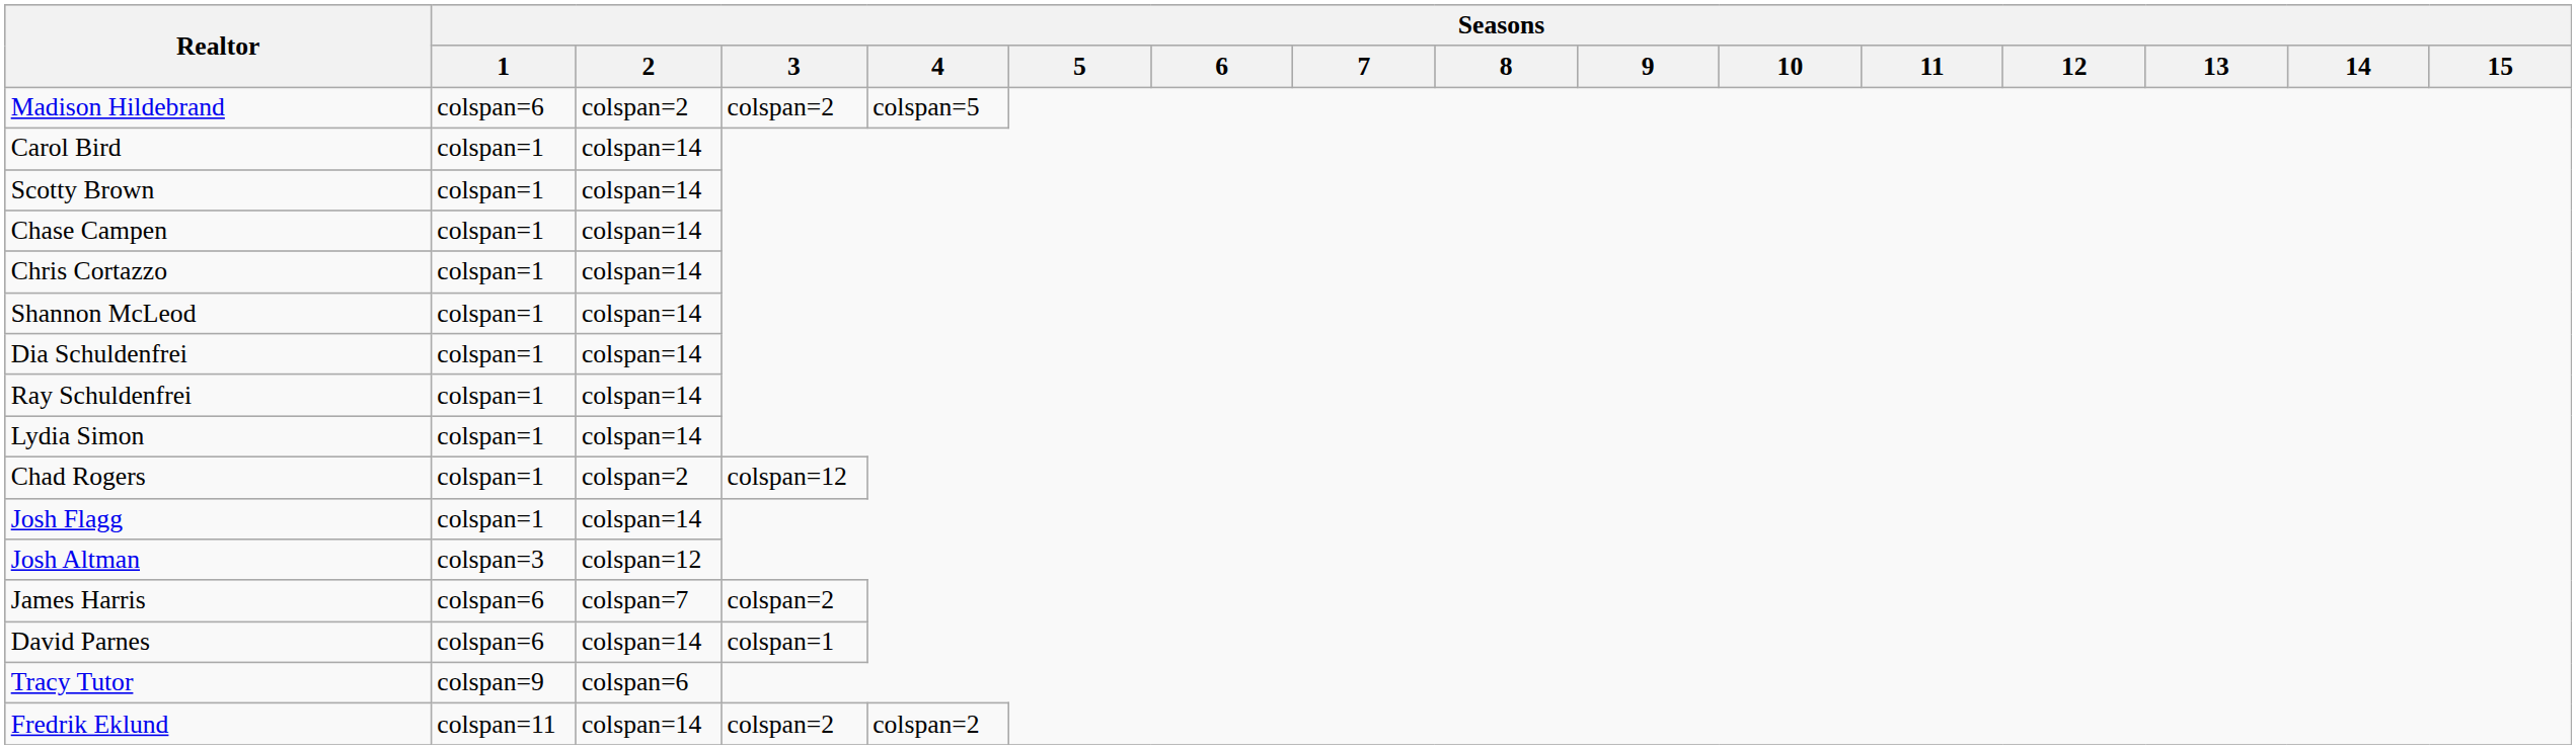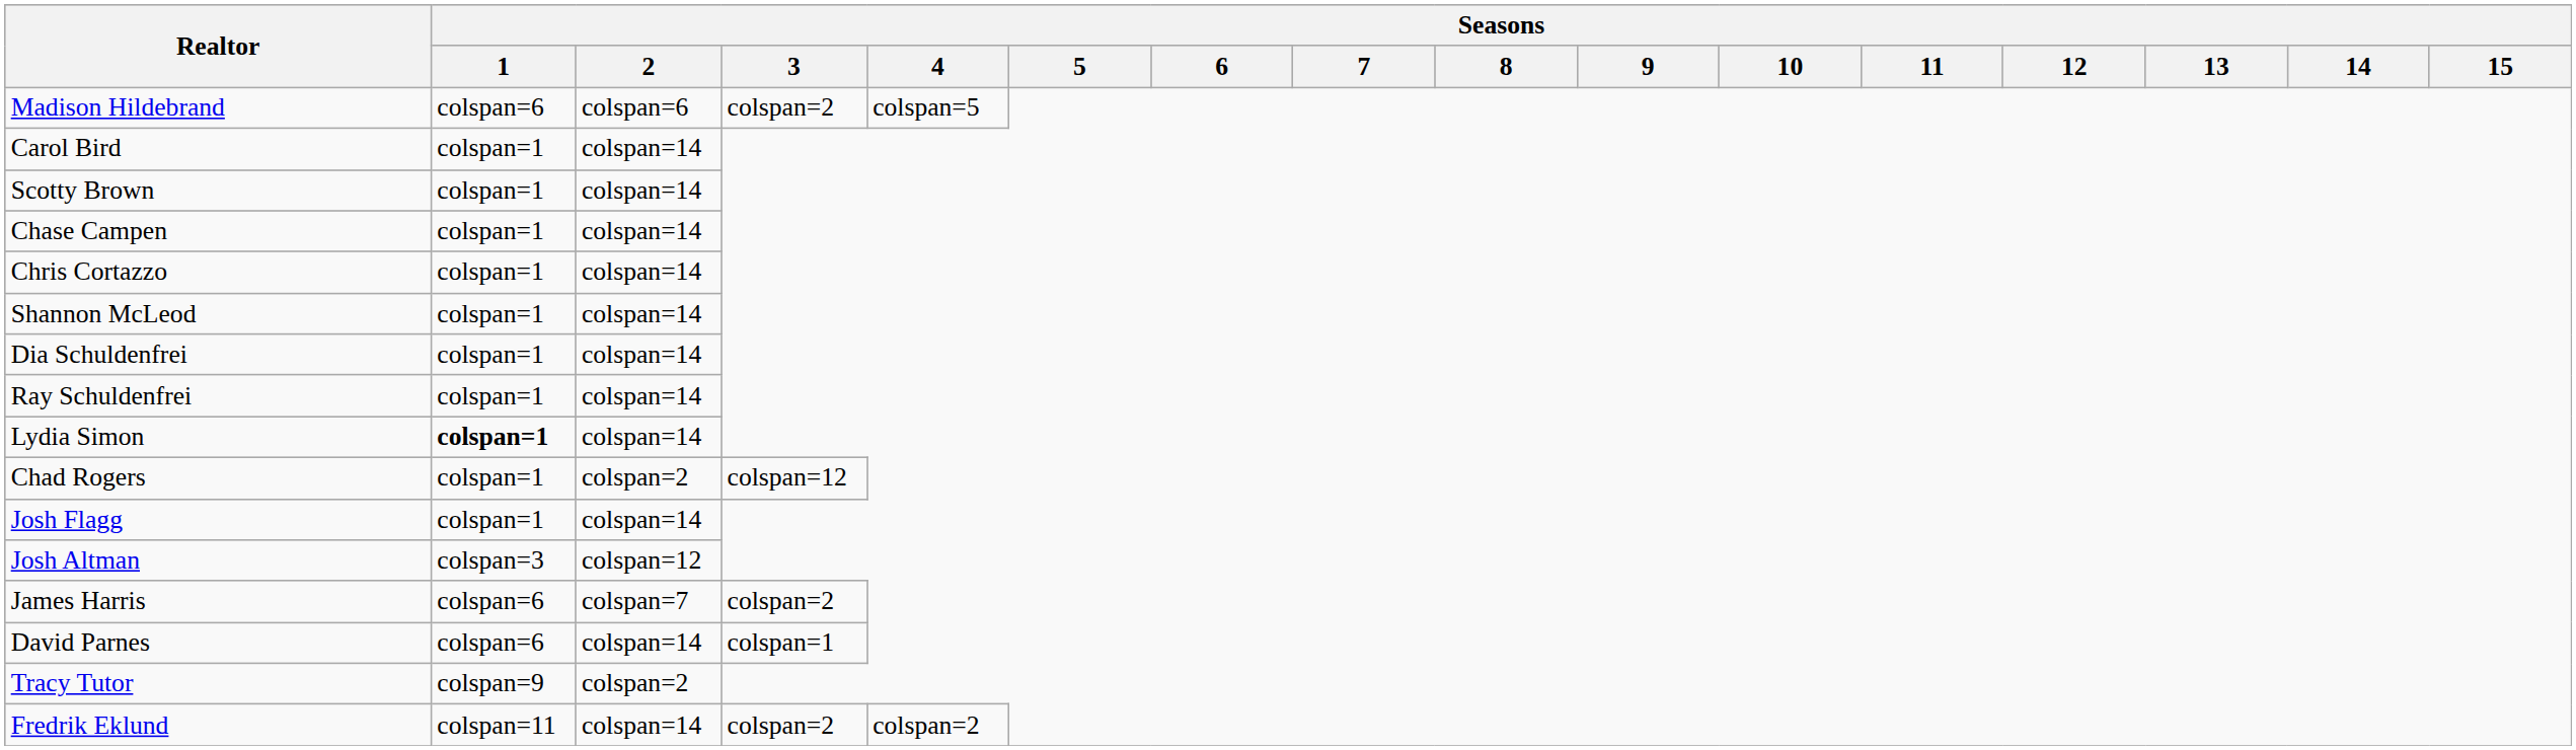 <table class="wikitable plainrowheaders" width=100%>
 <tr>
 <th scope=col rowspan=2 width=15%>Realtor</th>
 <th scope=col colspan=15>Seasons</th>
 </tr>
 <tr>
 <th style="width:5%;">1</th>
 <th style="width:5%;">2</th>
 <th style="width:5%;">3</th>
 <th style="width:5%;">4</th>
 <th style="width:5%;">5</th>
 <th style="width:5%;">6</th>
 <th style="width:5%;">7</th>
 <th style="width:5%;">8</th>
 <th style="width:5%;">9</th>
 <th style="width:5%;">10</th>
 <th style="width:5%;">11</th>
 <th style="width:5%;">12</th>
 <th style="width:5%;">13</th>
 <th style="width:5%;">14</th>
 <th style="width:5%;">15</th>
 </tr>
 <tr>
 <td nowrap><a href='#'>Madison Hildebrand</a></td>
 <td>colspan=6 </td>
-<td>colspan=2 </td>
+<td>colspan=6 </td>
 <td>colspan=2 </td>
 <td>colspan=5 </td>
 </tr>
 <tr>
 <td>Carol Bird</td>
 <td>colspan=1 </td>
 <td>colspan=14 </td>
 </tr>
 <tr>
 <td>Scotty Brown</td>
 <td>colspan=1 </td>
 <td>colspan=14 </td>
 </tr>
 <tr>
 <td>Chase Campen</td>
 <td>colspan=1 </td>
 <td>colspan=14 </td>
 </tr>
 <tr>
 <td>Chris Cortazzo</td>
 <td>colspan=1 </td>
 <td>colspan=14 </td>
 </tr>
 <tr>
 <td>Shannon McLeod</td>
 <td>colspan=1 </td>
 <td>colspan=14 </td>
 </tr>
 <tr>
 <td>Dia Schuldenfrei</td>
 <td>colspan=1 </td>
 <td>colspan=14 </td>
 </tr>
 <tr>
 <td>Ray Schuldenfrei</td>
 <td>colspan=1 </td>
 <td>colspan=14 </td>
 </tr>
 <tr>
 <td>Lydia Simon</td>
-<td>colspan=1 </td>
+<td><strong>colspan=1 </strong></td>
 <td>colspan=14 </td>
 </tr>
 <tr>
 <td>Chad Rogers</td>
 <td>colspan=1 </td>
 <td>colspan=2 </td>
 <td>colspan=12 </td>
 </tr>
 <tr>
 <td><a href='#'>Josh Flagg</a></td>
 <td>colspan=1 </td>
 <td>colspan=14 </td>
 </tr>
 <tr>
 <td><a href='#'>Josh Altman</a></td>
 <td>colspan=3 </td>
 <td>colspan=12 </td>
 </tr>
 <tr>
 <td>James Harris</td>
 <td>colspan=6 </td>
 <td>colspan=7 </td>
 <td>colspan=2 </td>
 </tr>
 <tr>
 <td>David Parnes</td>
 <td>colspan=6 </td>
 <td>colspan=14 </td>
 <td>colspan=1 </td>
 </tr>
 <tr>
 <td><a href='#'>Tracy Tutor</a></td>
 <td>colspan=9 </td>
-<td>colspan=6 </td>
+<td>colspan=2 </td>
 </tr>
 <tr>
 <td><a href='#'>Fredrik Eklund</a></td>
 <td>colspan=11 </td>
 <td>colspan=14 </td>
 <td>colspan=2 </td>
 <td>colspan=2 </td>
 </tr>
 </table>
